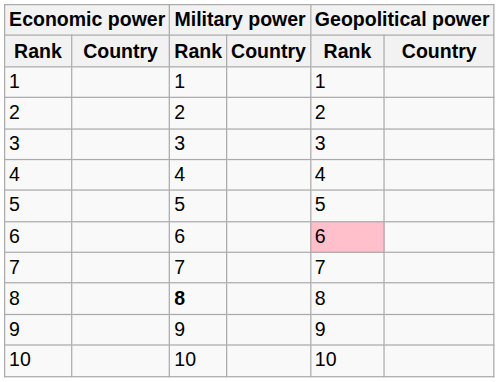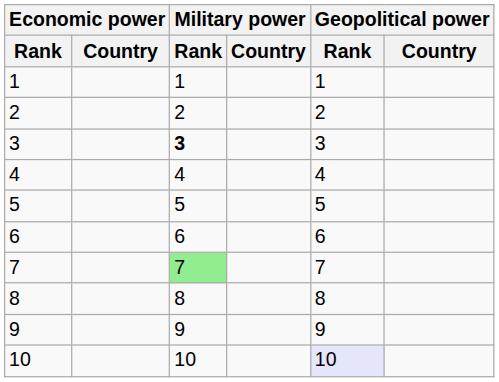 <table class="wikitable">
 <tr>
 <th colspan="2">Economic power</th>
 <th colspan="2">Military power</th>
 <th colspan="2">Geopolitical power</th>
 </tr>
 <tr>
 <th>Rank</th>
 <th>Country</th>
 <th>Rank</th>
 <th>Country</th>
 <th>Rank</th>
 <th>Country</th>
 </tr>
 <tr>
 <td>1</td>
 <td></td>
 <td>1</td>
 <td></td>
 <td>1</td>
 <td></td>
 </tr>
 <tr>
 <td>2</td>
 <td></td>
 <td>2</td>
 <td></td>
 <td>2</td>
 <td></td>
 </tr>
 <tr>
 <td>3</td>
 <td></td>
-<td>3</td>
+<td><strong>3</strong></td>
 <td></td>
 <td>3</td>
 <td></td>
 </tr>
 <tr>
 <td>4</td>
 <td></td>
 <td>4</td>
 <td></td>
 <td>4</td>
 <td></td>
 </tr>
 <tr>
 <td>5</td>
 <td></td>
 <td>5</td>
 <td></td>
 <td>5</td>
 <td></td>
 </tr>
 <tr>
 <td>6</td>
 <td></td>
 <td>6</td>
 <td></td>
-<td style="background: pink;">6</td>
+<td>6</td>
 <td></td>
 </tr>
 <tr>
 <td>7</td>
 <td></td>
-<td>7</td>
+<td style="background: lightgreen;">7</td>
 <td></td>
 <td>7</td>
 <td></td>
 </tr>
 <tr>
 <td>8</td>
 <td></td>
-<td><strong>8</strong></td>
+<td>8</td>
 <td></td>
 <td>8</td>
 <td></td>
 </tr>
 <tr>
 <td>9</td>
 <td></td>
 <td>9</td>
 <td></td>
 <td>9</td>
 <td></td>
 </tr>
 <tr>
 <td>10</td>
 <td></td>
 <td>10</td>
 <td></td>
-<td>10</td>
+<td style="background: lavender;">10</td>
 <td></td>
 </tr>
 </table>
